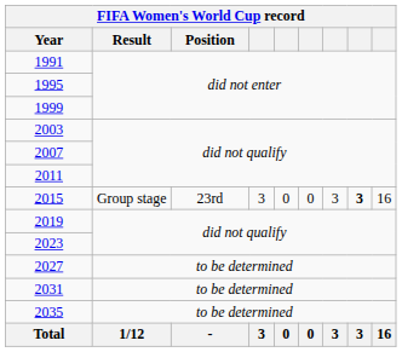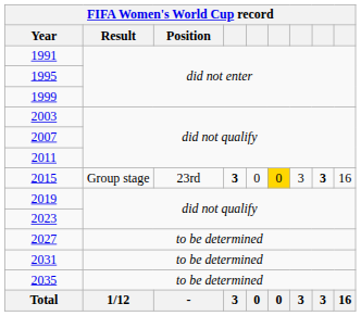 <table class="wikitable" style="text-align: center;">
 <tr>
 <th colspan=9><a href='#'>FIFA Women's World Cup</a> record</th>
 </tr>
 <tr>
 <th width="90">Year</th>
 <th width="80">Result</th>
 <th width="80">Position</th>
 <th width="20"></th>
 <th width="20"></th>
 <th width="20"></th>
 <th width="20"></th>
 <th width="20"></th>
 <th width="20"></th>
 </tr>
 <tr>
 <td> <a href='#'>1991</a></td>
 <td colspan=8 rowspan=3><em>did not enter</em></td>
 </tr>
 <tr>
 <td> <a href='#'>1995</a></td>
 </tr>
 <tr>
 <td> <a href='#'>1999</a></td>
 </tr>
 <tr>
 <td> <a href='#'>2003</a></td>
 <td colspan=8 rowspan=3><em>did not qualify</em></td>
 </tr>
 <tr>
 <td> <a href='#'>2007</a></td>
 </tr>
 <tr>
 <td> <a href='#'>2011</a></td>
 </tr>
 <tr>
 <td> <a href='#'>2015</a></td>
 <td>Group stage</td>
 <td>23rd</td>
-<td>3</td>
+<td><strong>3</strong></td>
 <td>0</td>
-<td>0</td>
+<td style="background: gold;">0</td>
 <td>3</td>
 <td><strong>3</strong></td>
 <td>16</td>
 </tr>
 <tr>
 <td> <a href='#'>2019</a></td>
 <td colspan=8 rowspan=2><em>did not qualify</em></td>
 </tr>
 <tr>
 <td> <a href='#'>2023</a></td>
 </tr>
 <tr>
 <td> <a href='#'>2027</a></td>
 <td colspan=8><em>to be determined</em></td>
 </tr>
 <tr>
 <td> <a href='#'>2031</a></td>
 <td colspan=8><em>to be determined</em></td>
 </tr>
 <tr>
 <td> <a href='#'>2035</a></td>
 <td colspan=8><em>to be determined</em></td>
 </tr>
 <tr>
 <th><strong>Total</strong></th>
 <th>1/12</th>
 <th>-</th>
 <th>3</th>
 <th>0</th>
 <th>0</th>
 <th>3</th>
 <th>3</th>
 <th>16</th>
 </tr>
 </table>
